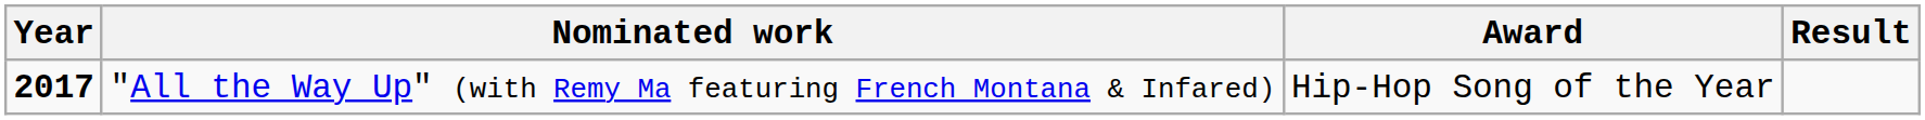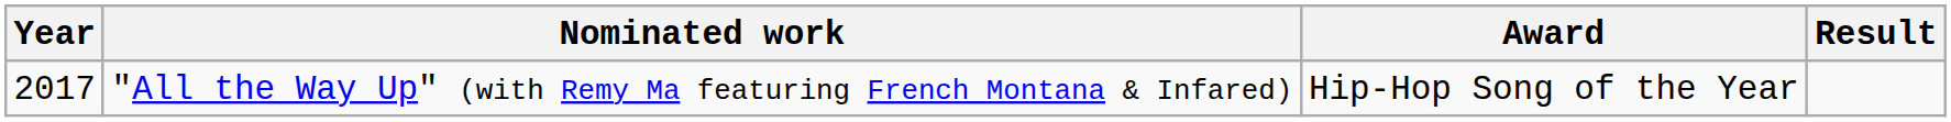 <table class="wikitable">
 <tr>
 <th>Year</th>
 <th>Nominated work</th>
 <th>Award</th>
 <th>Result</th>
 </tr>
 <tr>
-<td><strong>2017</strong></td>
+<td>2017</td>
 <td>"<a href='#'>All the Way Up</a>" <small>(with <a href='#'>Remy Ma</a> featuring <a href='#'>French Montana</a> & Infared)</small></td>
 <td>Hip-Hop Song of the Year</td>
 <td></td>
 </tr>
 </table>
